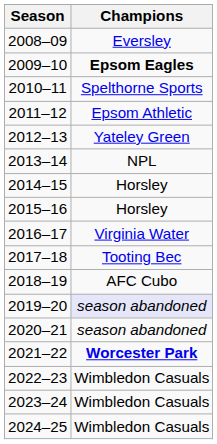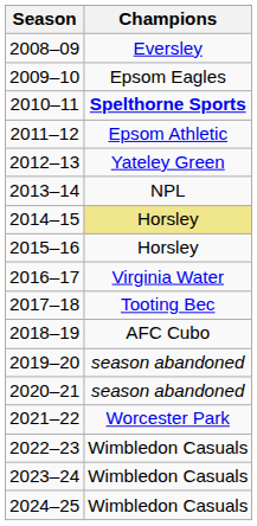 <table class="wikitable" style="text-align: center">
 <tr>
 </tr>
 <tr>
 <th>Season</th>
 <th>Champions</th>
 </tr>
 <tr>
 <td>2008–09</td>
 <td><a href='#'>Eversley</a></td>
 </tr>
 <tr>
 <td>2009–10</td>
-<td><strong>Epsom Eagles</strong></td>
+<td>Epsom Eagles</td>
 </tr>
 <tr>
 <td>2010–11</td>
-<td><a href='#'>Spelthorne Sports</a></td>
+<td><strong><a href='#'>Spelthorne Sports</a></strong></td>
 </tr>
 <tr>
 <td>2011–12</td>
 <td><a href='#'>Epsom Athletic</a></td>
 </tr>
 <tr>
 <td>2012–13</td>
 <td><a href='#'>Yateley Green</a></td>
 </tr>
 <tr>
 <td>2013–14</td>
 <td>NPL</td>
 </tr>
 <tr>
 <td>2014–15</td>
-<td>Horsley</td>
+<td style="background: khaki;">Horsley</td>
 </tr>
 <tr>
 <td>2015–16</td>
 <td>Horsley</td>
 </tr>
 <tr>
 <td>2016–17</td>
 <td><a href='#'>Virginia Water</a></td>
 </tr>
 <tr>
 <td>2017–18</td>
 <td><a href='#'>Tooting Bec</a></td>
 </tr>
 <tr>
 <td>2018–19</td>
 <td>AFC Cubo</td>
 </tr>
 <tr>
 <td>2019–20</td>
-<td style="background: lavender;"><em>season abandoned</em></td>
+<td><em>season abandoned</em></td>
 </tr>
 <tr>
 <td>2020–21</td>
 <td><em>season abandoned</em></td>
 </tr>
 <tr>
 <td>2021–22</td>
-<td><strong><a href='#'>Worcester Park</a></strong></td>
+<td><a href='#'>Worcester Park</a></td>
 </tr>
 <tr>
 <td>2022–23</td>
 <td>Wimbledon Casuals</td>
 </tr>
 <tr>
 <td>2023–24</td>
 <td>Wimbledon Casuals</td>
 </tr>
 <tr>
 <td>2024–25</td>
 <td>Wimbledon Casuals</td>
 </tr>
 </table>
